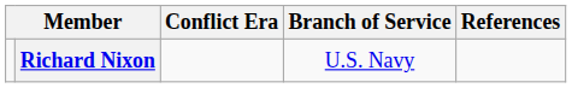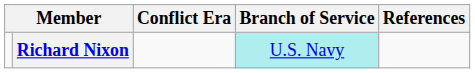 <table class=wikitable style="text-align:center">
 <tr>
 <th scope="col" colspan="2">Member</th>
 <th scope="col">Conflict Era</th>
 <th scope="col">Branch of Service</th>
 <th scope="col">References</th>
 </tr>
 <tr style="height:2em;">
 <td></td>
 <th scope="row"><a href='#'>Richard Nixon</a></th>
 <td></td>
-<td><a href='#'>U.S. Navy</a></td>
+<td style="background: paleturquoise;"><a href='#'>U.S. Navy</a></td>
 <td></td>
 </tr>
 </table>
